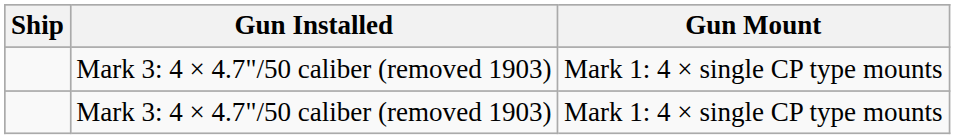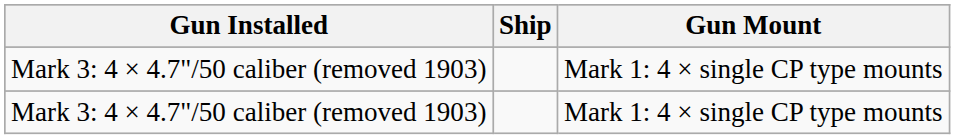 <table class="wikitable">
 <tr>
+<th>Gun Installed</th>
 <th>Ship</th>
-<th>Gun Installed</th>
 <th>Gun Mount</th>
 </tr>
 <tr>
+<td>Mark 3: 4 × 4.7"/50 caliber (removed 1903)</td>
 <td></td>
-<td>Mark 3: 4 × 4.7"/50 caliber (removed 1903)</td>
 <td>Mark 1: 4 × single CP type mounts</td>
 </tr>
 <tr>
+<td>Mark 3: 4 × 4.7"/50 caliber (removed 1903)</td>
 <td></td>
-<td>Mark 3: 4 × 4.7"/50 caliber (removed 1903)</td>
 <td>Mark 1: 4 × single CP type mounts</td>
 </tr>
 </table>
